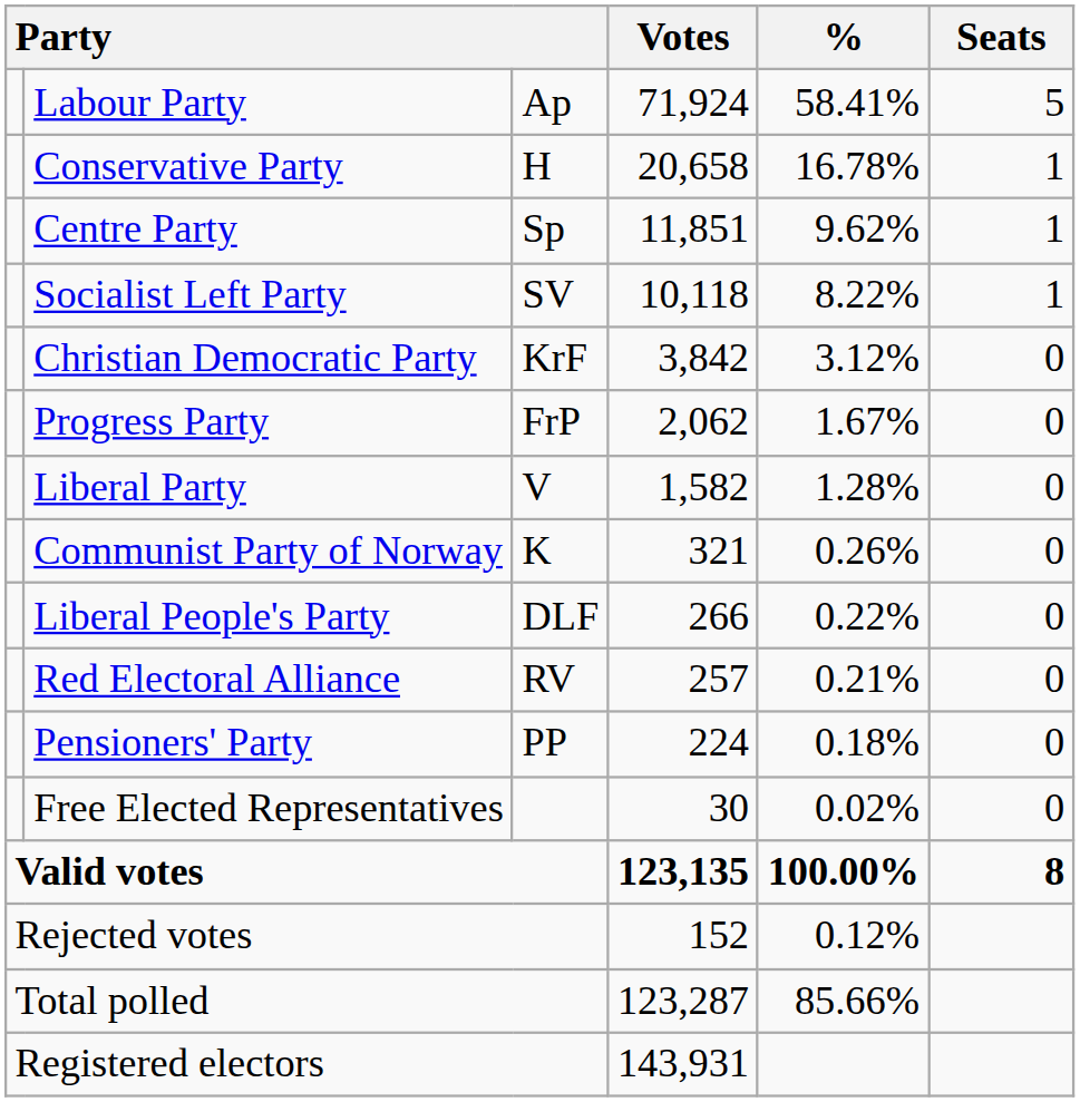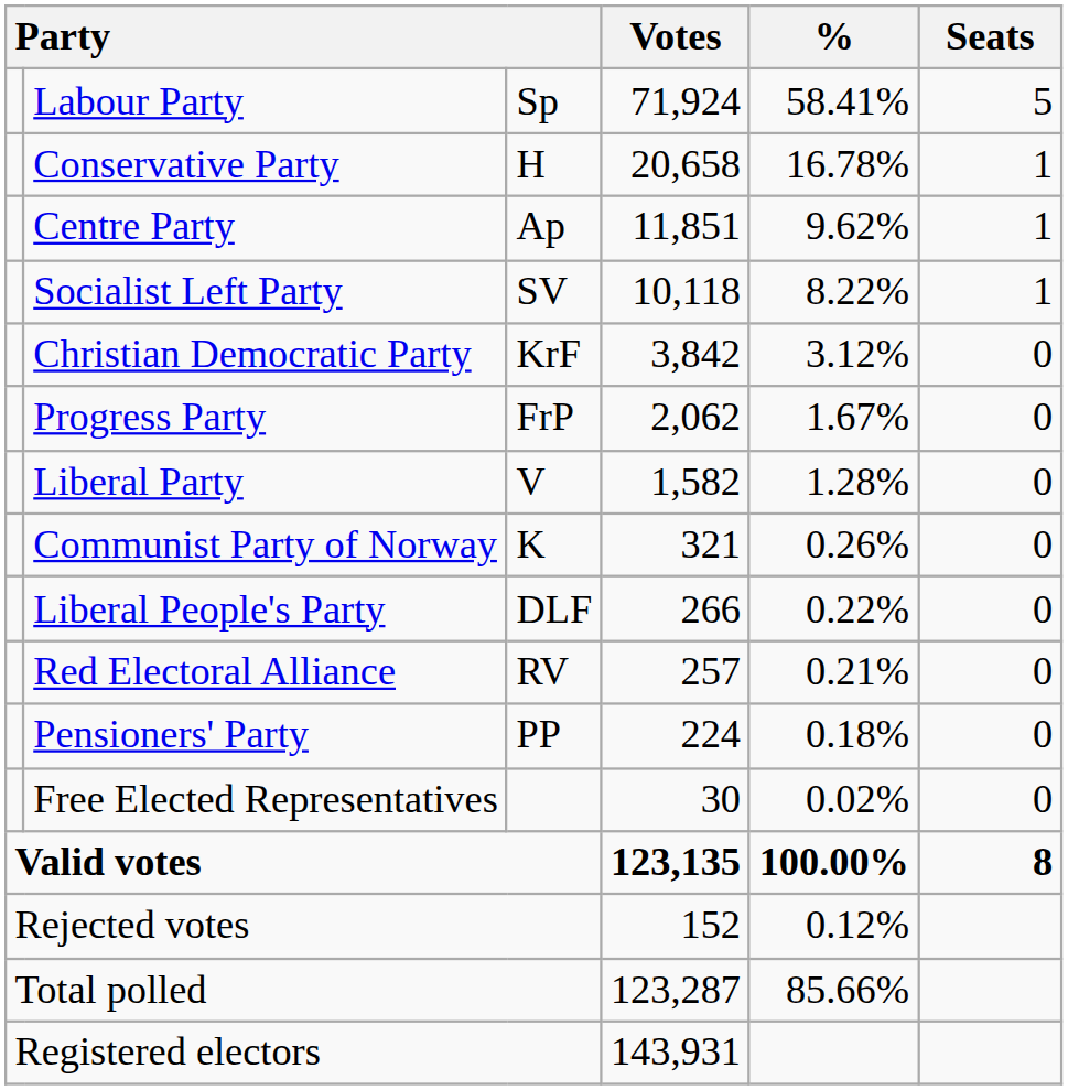 <table class="wikitable" border="1" style="text-align:right;">
 <tr>
 <th style="text-align:left;" colspan=3>Party</th>
 <th align=center width="50">Votes</th>
 <th align=center width="50">%</th>
 <th align=center width="50">Seats</th>
 </tr>
 <tr>
 <td style="color:inherit;background:"></td>
 <td align=left><a href='#'>Labour Party</a></td>
-<td align=left>Ap</td>
+<td align=left>Sp</td>
 <td>71,924</td>
 <td>58.41%</td>
 <td>5</td>
 </tr>
 <tr>
 <td style="color:inherit;background:"></td>
 <td align=left><a href='#'>Conservative Party</a></td>
 <td align=left>H</td>
 <td>20,658</td>
 <td>16.78%</td>
 <td>1</td>
 </tr>
 <tr>
 <td style="color:inherit;background:"></td>
 <td align=left><a href='#'>Centre Party</a></td>
-<td align=left>Sp</td>
+<td align=left>Ap</td>
 <td>11,851</td>
 <td>9.62%</td>
 <td>1</td>
 </tr>
 <tr>
 <td style="color:inherit;background:"></td>
 <td align=left><a href='#'>Socialist Left Party</a></td>
 <td align=left>SV</td>
 <td>10,118</td>
 <td>8.22%</td>
 <td>1</td>
 </tr>
 <tr>
 <td style="color:inherit;background:"></td>
 <td align=left><a href='#'>Christian Democratic Party</a></td>
 <td align=left>KrF</td>
 <td>3,842</td>
 <td>3.12%</td>
 <td>0</td>
 </tr>
 <tr>
 <td style="color:inherit;background:"></td>
 <td align=left><a href='#'>Progress Party</a></td>
 <td align=left>FrP</td>
 <td>2,062</td>
 <td>1.67%</td>
 <td>0</td>
 </tr>
 <tr>
 <td style="color:inherit;background:"></td>
 <td align=left><a href='#'>Liberal Party</a></td>
 <td align=left>V</td>
 <td>1,582</td>
 <td>1.28%</td>
 <td>0</td>
 </tr>
 <tr>
 <td style="color:inherit;background:"></td>
 <td align=left><a href='#'>Communist Party of Norway</a></td>
 <td align=left>K</td>
 <td>321</td>
 <td>0.26%</td>
 <td>0</td>
 </tr>
 <tr>
 <td style="color:inherit;background:"></td>
 <td align=left><a href='#'>Liberal People's Party</a></td>
 <td align=left>DLF</td>
 <td>266</td>
 <td>0.22%</td>
 <td>0</td>
 </tr>
 <tr>
 <td style="color:inherit;background:"></td>
 <td align=left><a href='#'>Red Electoral Alliance</a></td>
 <td align=left>RV</td>
 <td>257</td>
 <td>0.21%</td>
 <td>0</td>
 </tr>
 <tr>
 <td style="color:inherit;background:"></td>
 <td align=left><a href='#'>Pensioners' Party</a></td>
 <td align=left>PP</td>
 <td>224</td>
 <td>0.18%</td>
 <td>0</td>
 </tr>
 <tr>
 <td></td>
 <td align=left>Free Elected Representatives</td>
 <td align=left></td>
 <td>30</td>
 <td>0.02%</td>
 <td>0</td>
 </tr>
 <tr style="font-weight:bold">
 <td align=left colspan=3>Valid votes</td>
 <td>123,135</td>
 <td>100.00%</td>
 <td>8</td>
 </tr>
 <tr>
 <td align=left colspan=3>Rejected votes</td>
 <td>152</td>
 <td>0.12%</td>
 <td></td>
 </tr>
 <tr>
 <td align=left colspan=3>Total polled</td>
 <td>123,287</td>
 <td>85.66%</td>
 <td></td>
 </tr>
 <tr>
 <td align=left colspan=3>Registered electors</td>
 <td>143,931</td>
 <td></td>
 <td></td>
 </tr>
 </table>
